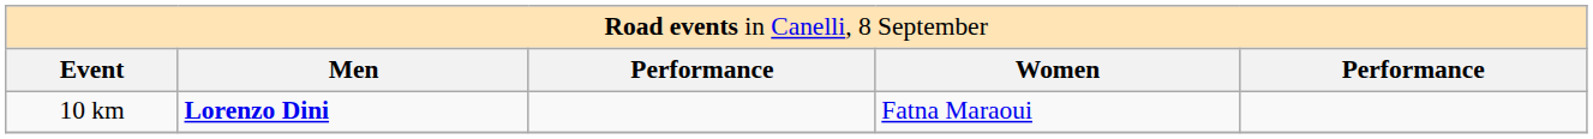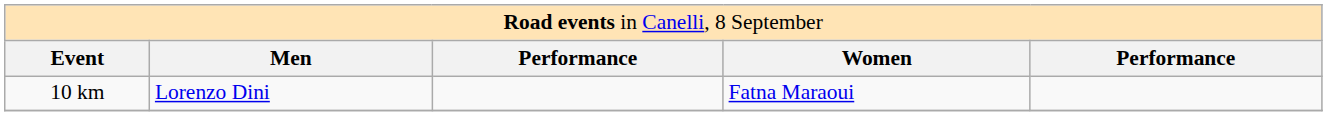 <table class="wikitable" width=70% style="font-size:90%; text-align:center;">
 <tr bgcolor=moccasin>
 <td align=center colspan=5><strong>Road events</strong> in <a href='#'>Canelli</a>, 8 September</td>
 </tr>
 <tr>
 <th>Event</th>
 <th>Men</th>
 <th>Performance</th>
 <th>Women</th>
 <th>Performance</th>
 </tr>
 <tr>
 <td>10 km</td>
-<td align=left><strong><a href='#'>Lorenzo Dini</a></strong></td>
+<td align=left><a href='#'>Lorenzo Dini</a></td>
 <td></td>
 <td align=left><a href='#'>Fatna Maraoui</a></td>
 <td></td>
 </tr>
 <tr>
 </tr>
 </table>
